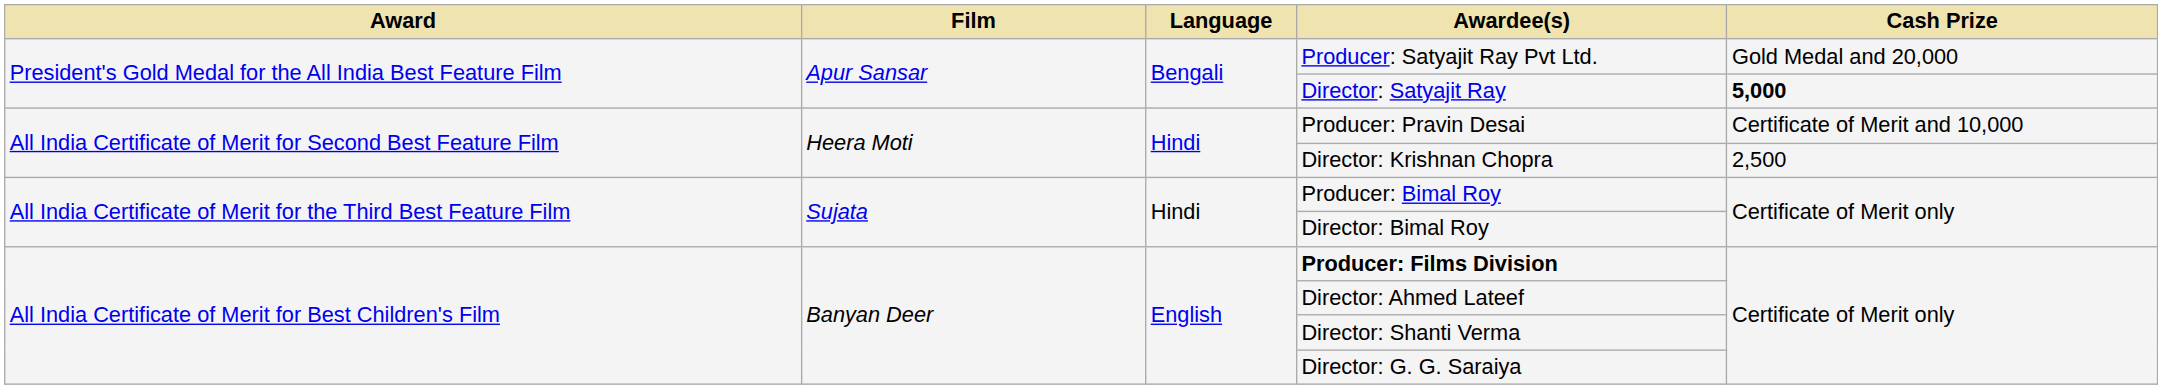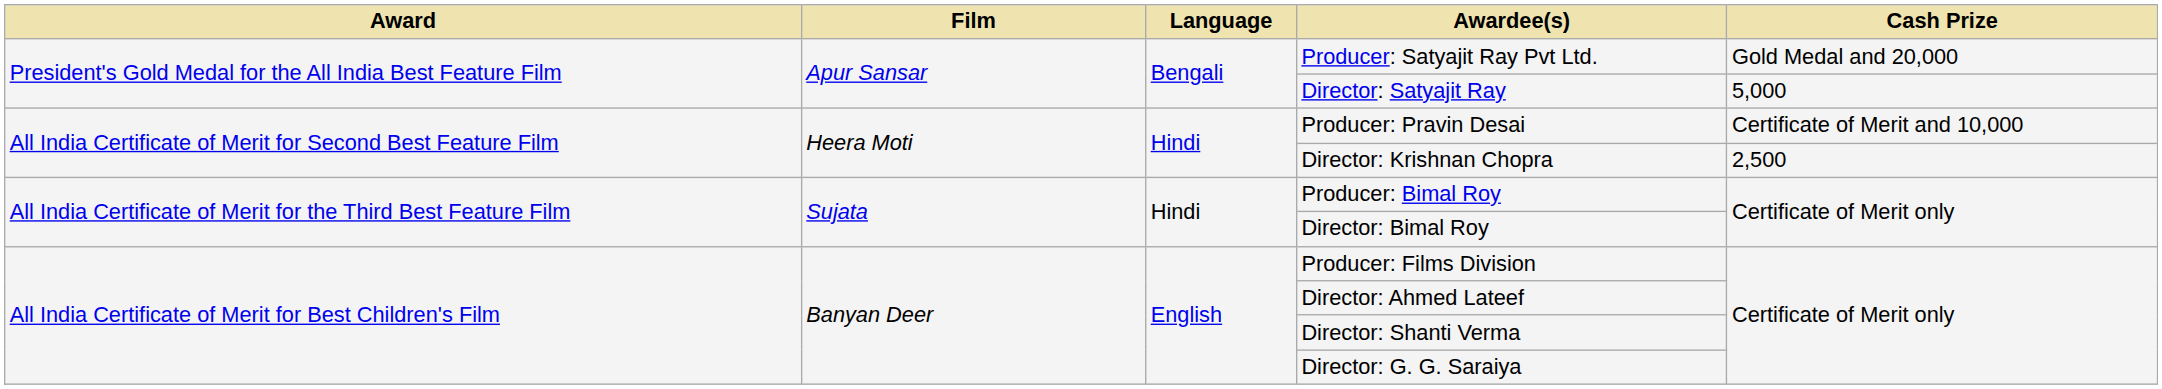 <table class="wikitable sortable" style="width:100%">
 <tr>
 <th style="background-color:#EFE4B0;width:37%;">Award</th>
 <th style="background-color:#EFE4B0;width:16%;">Film</th>
 <th style="background-color:#EFE4B0;width:7%;">Language</th>
 <th style="background-color:#EFE4B0;width:20%;">Awardee(s)</th>
 <th style="background-color:#EFE4B0;width:20%;">Cash Prize</th>
 </tr>
 <tr style="background-color:#F4F4F4">
 <td rowspan="2"><a href='#'>President's Gold Medal for the All India Best Feature Film</a></td>
 <td rowspan="2"><em><a href='#'>Apur Sansar</a></em></td>
 <td rowspan="2"><a href='#'>Bengali</a></td>
 <td><a href='#'>Producer</a>: Satyajit Ray Pvt Ltd.</td>
 <td>Gold Medal and 20,000</td>
 </tr>
 <tr style="background-color:#F4F4F4">
 <td><a href='#'>Director</a>: <a href='#'>Satyajit Ray</a></td>
-<td><strong>5,000</strong></td>
+<td>5,000</td>
 </tr>
 <tr style="background-color:#F4F4F4">
 <td rowspan="2"><a href='#'>All India Certificate of Merit for Second Best Feature Film</a></td>
 <td rowspan="2"><em>Heera Moti</em></td>
 <td rowspan="2"><a href='#'>Hindi</a></td>
 <td>Producer: Pravin Desai</td>
 <td>Certificate of Merit and 10,000</td>
 </tr>
 <tr style="background-color:#F4F4F4">
 <td>Director: Krishnan Chopra</td>
 <td>2,500</td>
 </tr>
 <tr style="background-color:#F4F4F4">
 <td rowspan="2"><a href='#'>All India Certificate of Merit for the Third Best Feature Film</a></td>
 <td rowspan="2"><em><a href='#'>Sujata</a></em></td>
 <td rowspan="2">Hindi</td>
 <td>Producer: <a href='#'>Bimal Roy</a></td>
 <td rowspan="2">Certificate of Merit only</td>
 </tr>
 <tr style="background-color:#F4F4F4">
 <td>Director: Bimal Roy</td>
 </tr>
 <tr style="background-color:#F4F4F4">
 <td rowspan="4"><a href='#'>All India Certificate of Merit for Best Children's Film</a></td>
 <td rowspan="4"><em>Banyan Deer</em></td>
 <td rowspan="4"><a href='#'>English</a></td>
-<td><strong>Producer: Films Division</strong></td>
+<td>Producer: Films Division</td>
 <td rowspan="4">Certificate of Merit only</td>
 </tr>
 <tr style="background-color:#F4F4F4">
 <td>Director: Ahmed Lateef</td>
 </tr>
 <tr style="background-color:#F4F4F4">
 <td>Director: Shanti Verma</td>
 </tr>
 <tr style="background-color:#F4F4F4">
 <td>Director: G. G. Saraiya</td>
 </tr>
 </table>
